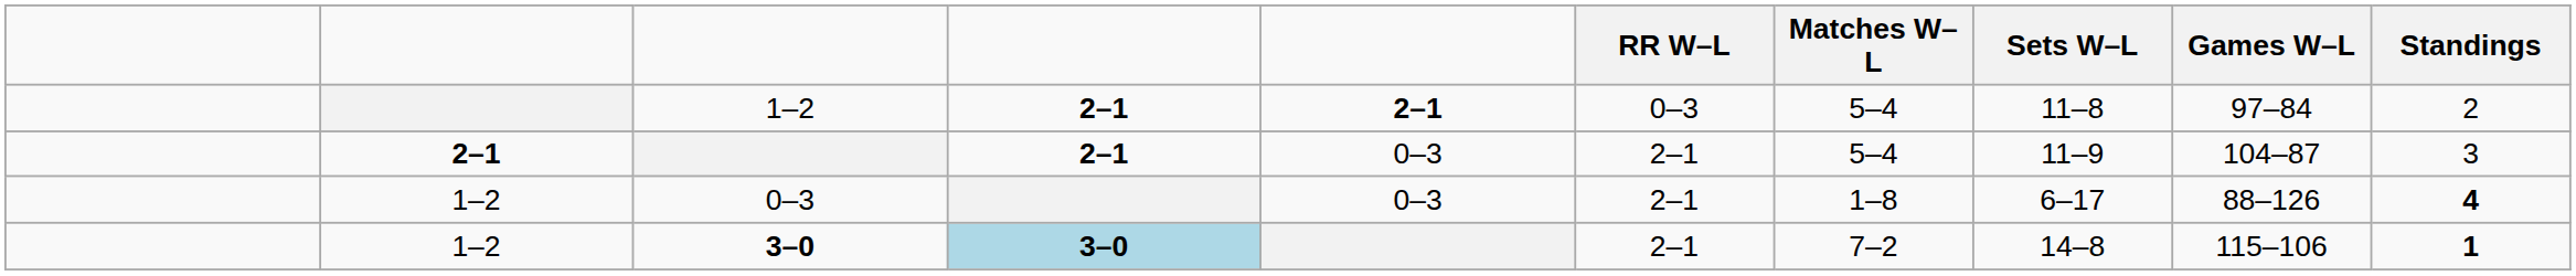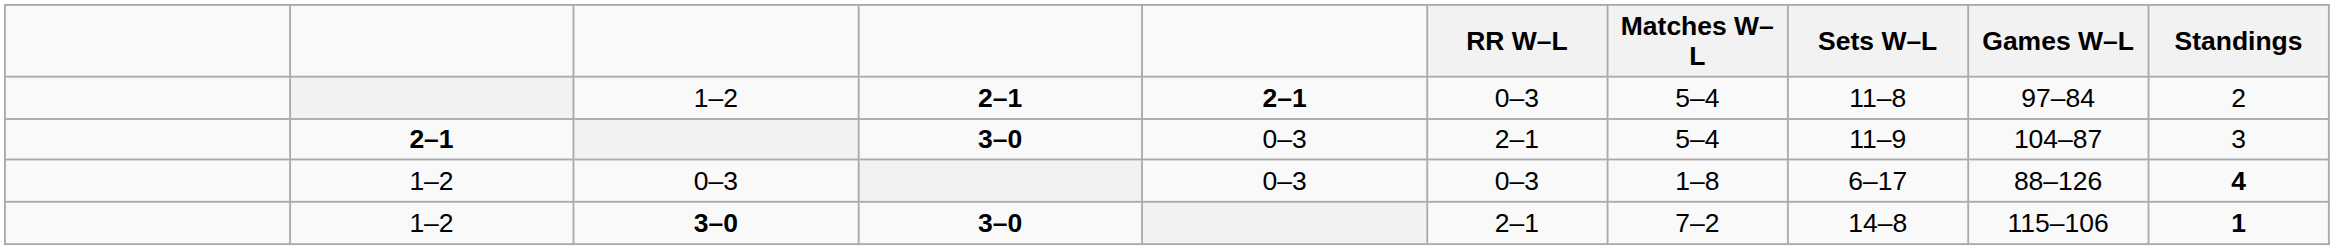 <table class="wikitable" style="width: 100%; text-align:center; font-size:90%">
 <tr>
 <td width=130></td>
 <td width=130></td>
 <td width=130></td>
 <td width=130></td>
 <td width=130></td>
 <th width=80>RR W–L</th>
 <th width=80>Matches W–L</th>
 <th width=80>Sets W–L</th>
 <th width=80>Games W–L</th>
 <th width=80>Standings</th>
 </tr>
 <tr>
 <td style="text-align:left;"></td>
 <th bgcolor="ededed"></th>
 <td>1–2</td>
 <td><strong>2–1</strong></td>
 <td><strong>2–1</strong></td>
 <td>0–3</td>
 <td>5–4</td>
 <td>11–8</td>
 <td>97–84</td>
 <td>2</td>
 </tr>
 <tr>
 <td style="text-align:left;"></td>
 <td><strong>2–1</strong></td>
 <th bgcolor="ededed"></th>
-<td><strong>2–1</strong></td>
+<td><strong>3–0</strong></td>
 <td>0–3</td>
 <td>2–1</td>
 <td>5–4</td>
 <td>11–9</td>
 <td>104–87</td>
 <td>3</td>
 </tr>
 <tr>
 <td style="text-align:left;"></td>
 <td>1–2</td>
 <td>0–3</td>
 <th bgcolor="ededed"></th>
 <td>0–3</td>
-<td>2–1</td>
+<td>0–3</td>
 <td>1–8</td>
 <td>6–17</td>
 <td>88–126</td>
 <td><strong>4</strong></td>
 </tr>
 <tr>
 <td style="text-align:left;"><strong></strong></td>
 <td>1–2</td>
 <td><strong>3–0</strong></td>
-<td style="background: lightblue;"><strong>3–0</strong></td>
+<td><strong>3–0</strong></td>
 <th bgcolor="ededed"></th>
 <td>2–1</td>
 <td>7–2</td>
 <td>14–8</td>
 <td>115–106</td>
 <td><strong>1</strong></td>
 </tr>
 </table>
